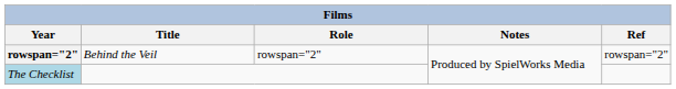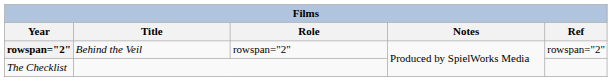 <table class="wikitable" style="font-size: 90%;">
 <tr>
 <th colspan="5" style="background: LightSteelBlue;">Films</th>
 </tr>
 <tr>
 <th>Year</th>
 <th width="200">Title</th>
 <th width="200">Role</th>
 <th width="200">Notes</th>
 <th>Ref</th>
 </tr>
 <tr>
 <th>rowspan="2" </th>
 <td><em>Behind the Veil</em></td>
 <td>rowspan="2" </td>
 <td rowspan="2">Produced by SpielWorks Media</td>
 <td>rowspan="2" </td>
 </tr>
 <tr>
-<td style="background: lightblue;"><em>The Checklist</em></td>
+<td><em>The Checklist</em></td>
 </tr>
 </table>
